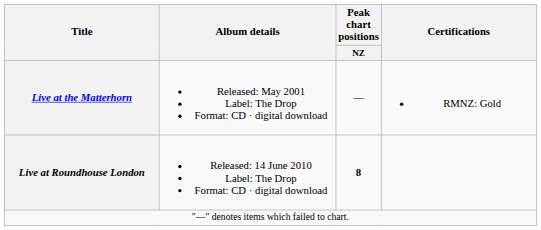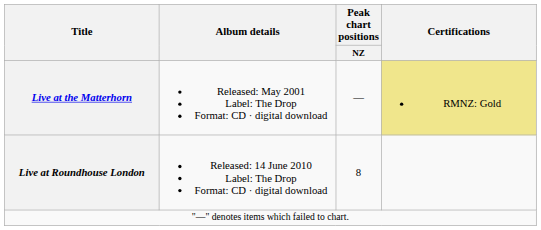 <table class="wikitable plainrowheaders" style="text-align:center;" border="1">
 <tr>
 <th scope="col" rowspan="2" style="width:14em;">Title</th>
 <th scope="col" rowspan="2" style="width:16em;">Album details</th>
 <th scope="col" colspan="1">Peak chart positions</th>
 <th scope="col" rowspan="2" style="width:14em;">Certifications</th>
 </tr>
 <tr>
 <th scope="col" style="width:2.75em;font-size:85%;">NZ<br></th>
 </tr>
 <tr>
 <th scope="row"><em><a href='#'>Live at the Matterhorn</a></em></th>
 <td><br><ul><li>Released: May 2001</li><li>Label: The Drop</li><li>Format: CD · digital download</li></ul></td>
 <td>—</td>
-<td><br><ul><li>RMNZ: Gold</li></ul></td>
+<td style="background: khaki;"><br><ul><li>RMNZ: Gold</li></ul></td>
 </tr>
 <tr>
 <th scope="row"><em>Live at Roundhouse London</em></th>
 <td><br><ul><li>Released: 14 June 2010</li><li>Label: The Drop</li><li>Format: CD · digital download</li></ul></td>
-<td><strong>8</strong></td>
+<td>8</td>
 <td></td>
 </tr>
 <tr>
 <td colspan="15" align="center" style="font-size:90%;">"—" denotes items which failed to chart.</td>
 </tr>
 </table>
